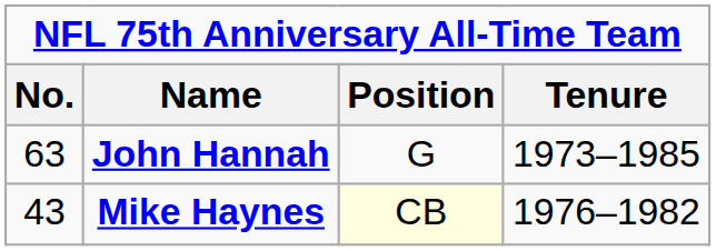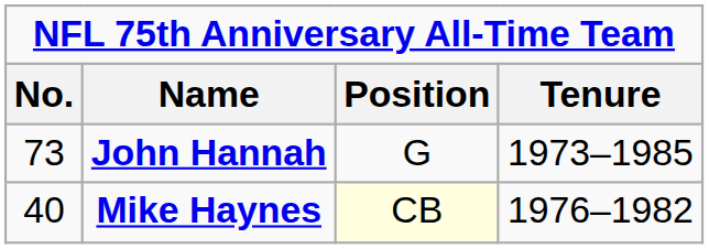 <table class="wikitable" style="text-align:center">
 <tr>
 <td colspan="4"><strong><a href='#'><span><u>NFL 75th Anniversary All-Time Team</u></span></a></strong></td>
 </tr>
 <tr>
 <th>No.</th>
 <th>Name</th>
 <th>Position</th>
 <th>Tenure</th>
 </tr>
 <tr>
-<td>63</td>
+<td>73</td>
 <td><strong><a href='#'>John Hannah</a></strong></td>
 <td>G</td>
 <td>1973–1985</td>
 </tr>
 <tr>
-<td>43</td>
+<td>40</td>
 <td><strong><a href='#'>Mike Haynes</a></strong></td>
 <td style="background: lightyellow;">CB</td>
 <td>1976–1982</td>
 </tr>
 </table>
